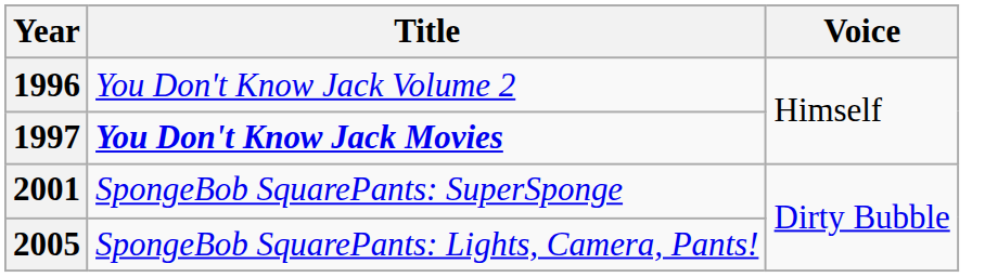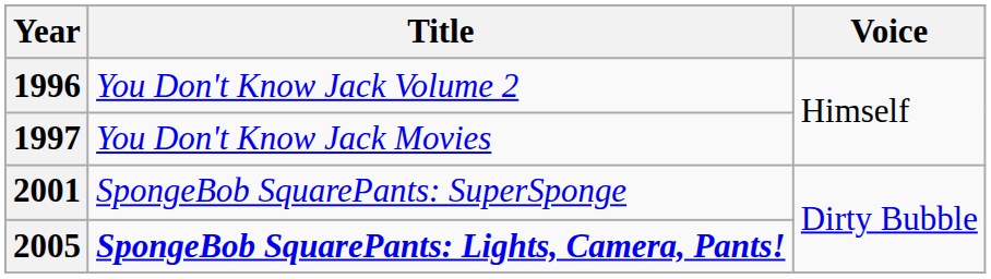 <table class="wikitable">
 <tr>
 <th>Year</th>
 <th>Title</th>
 <th>Voice</th>
 </tr>
 <tr>
 <th>1996</th>
 <td><em><a href='#'>You Don't Know Jack Volume 2</a></em></td>
 <td rowspan="2">Himself</td>
 </tr>
 <tr>
 <th>1997</th>
-<td><strong><em><a href='#'>You Don't Know Jack Movies</a></em></strong></td>
+<td><em><a href='#'>You Don't Know Jack Movies</a></em></td>
 </tr>
 <tr>
 <th>2001</th>
 <td><em><a href='#'>SpongeBob SquarePants: SuperSponge</a></em></td>
 <td rowspan="2"><a href='#'>Dirty Bubble</a></td>
 </tr>
 <tr>
 <th>2005</th>
-<td><em><a href='#'>SpongeBob SquarePants: Lights, Camera, Pants!</a></em></td>
+<td><strong><em><a href='#'>SpongeBob SquarePants: Lights, Camera, Pants!</a></em></strong></td>
 </tr>
 </table>
